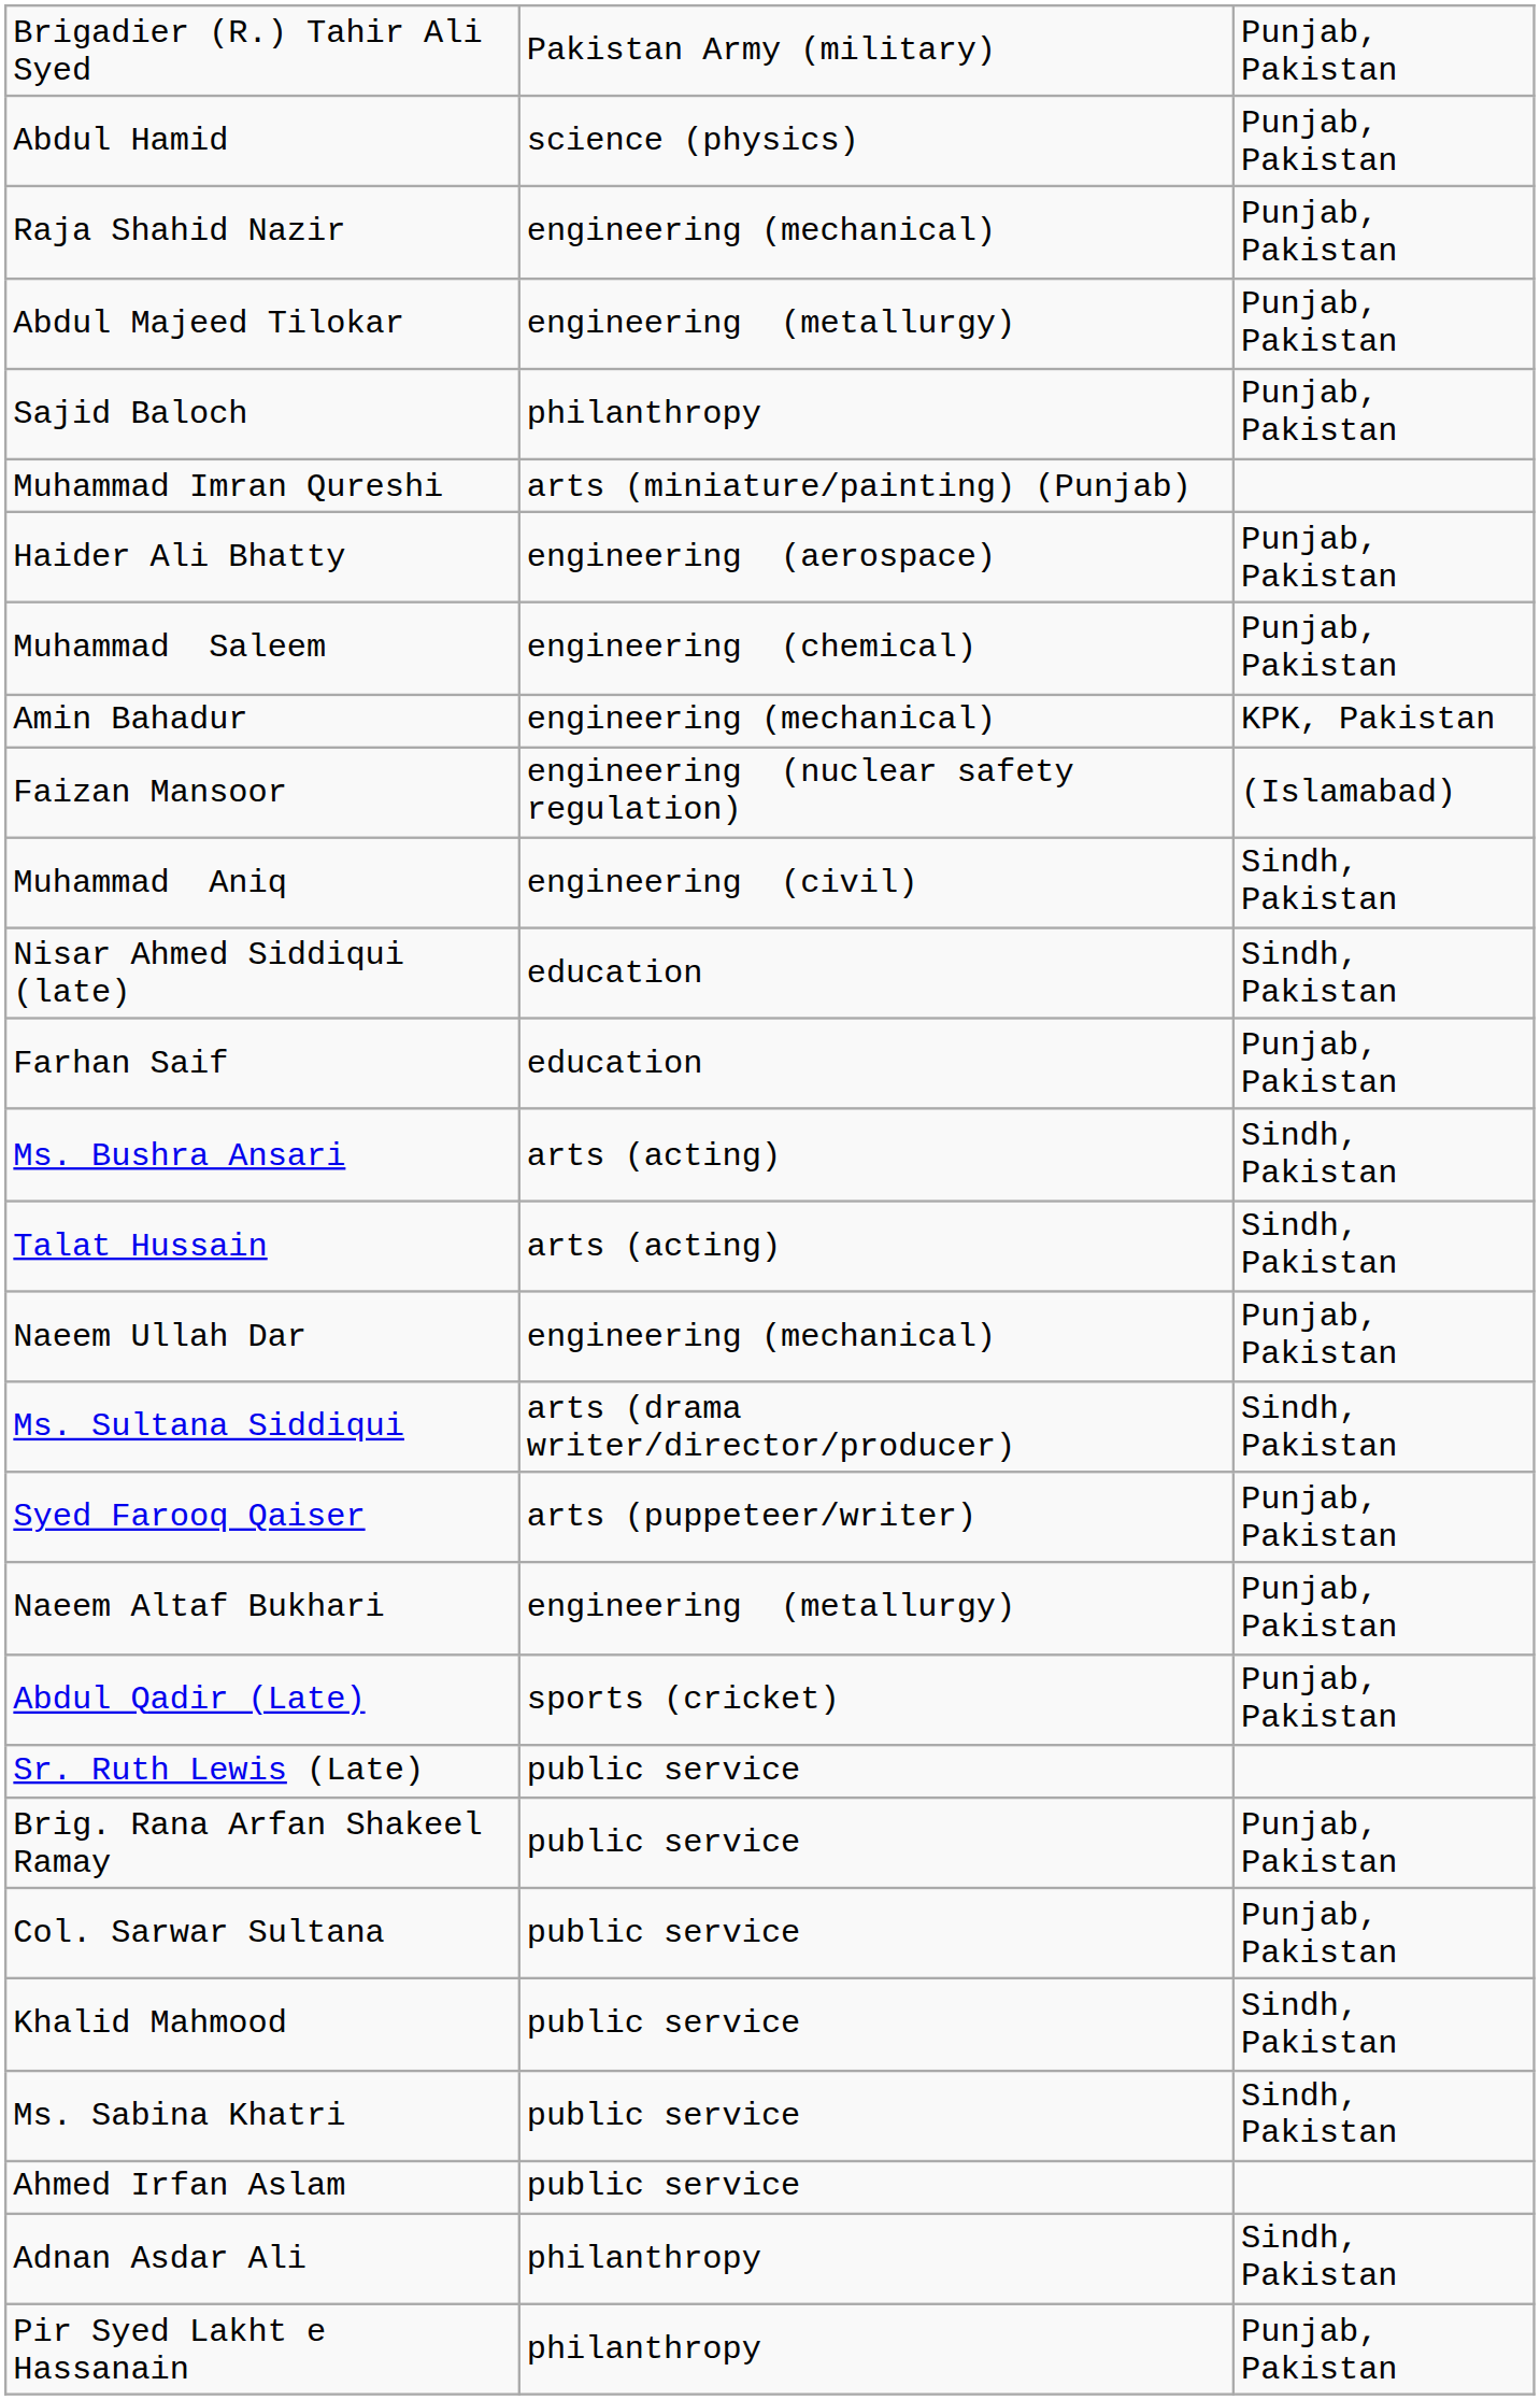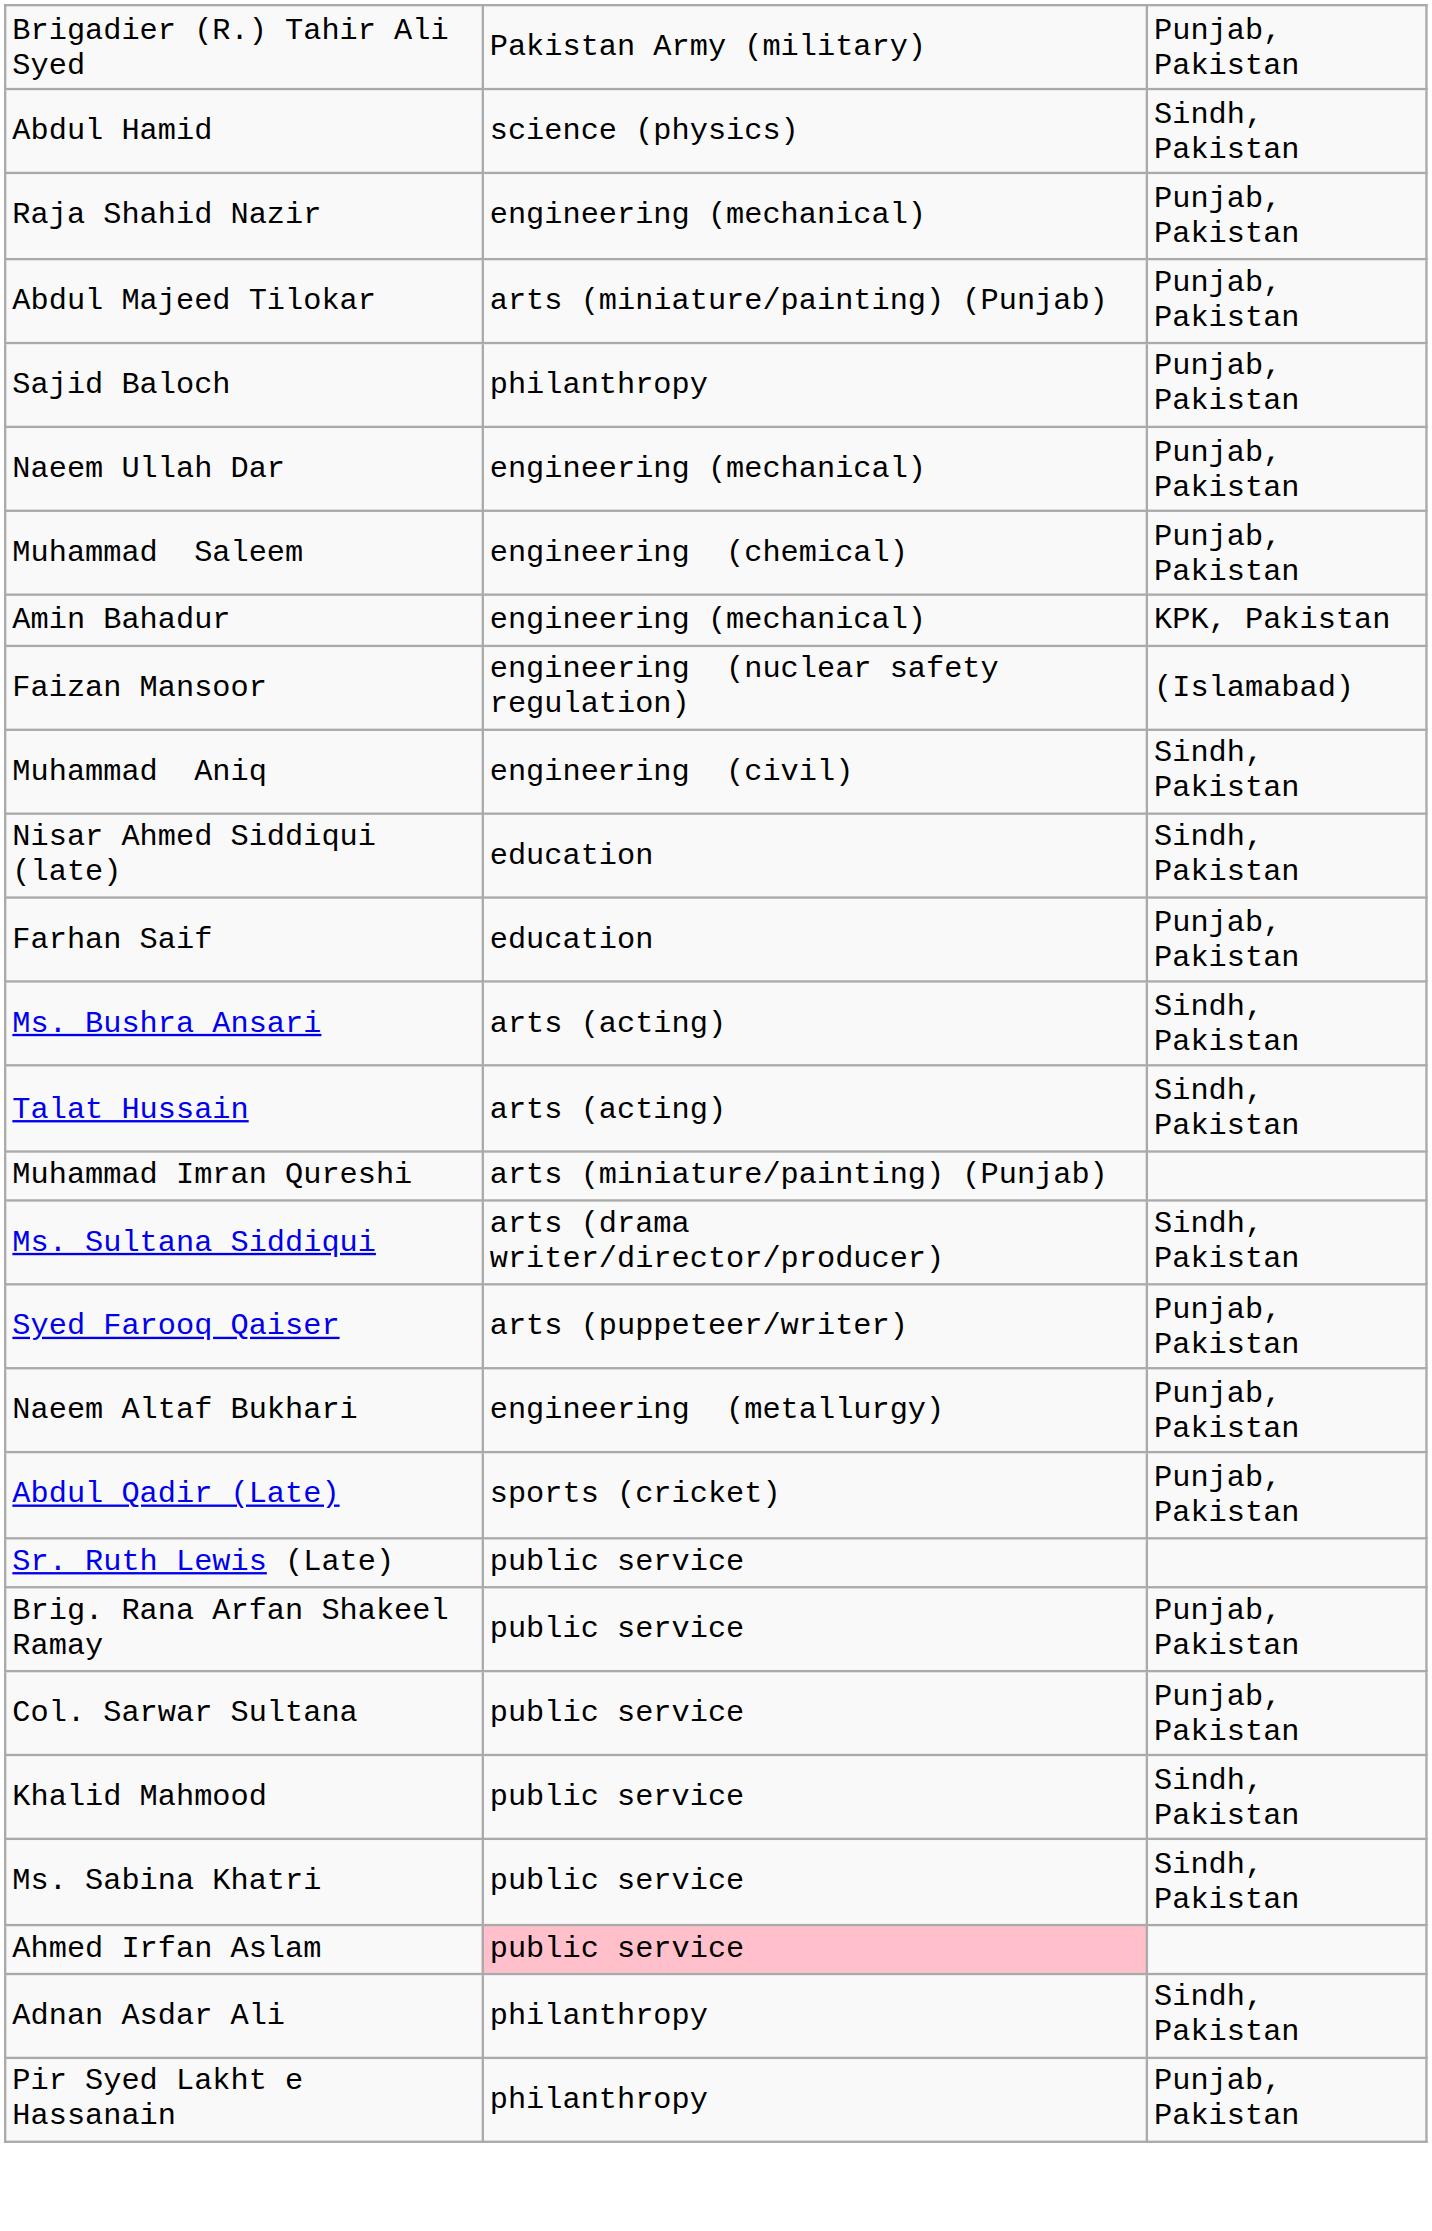 <table class="wikitable">
 <tr>
 <td>Brigadier (R.) Tahir Ali Syed</td>
 <td>Pakistan Army (military)</td>
 <td>Punjab, Pakistan</td>
 </tr>
 <tr>
 <td>Abdul Hamid</td>
 <td>science (physics)</td>
-<td>Punjab, Pakistan</td>
+<td>Sindh, Pakistan</td>
 </tr>
 <tr>
 <td>Raja Shahid Nazir</td>
 <td>engineering (mechanical)</td>
 <td>Punjab, Pakistan</td>
 </tr>
 <tr>
 <td>Abdul Majeed Tilokar</td>
-<td>engineering  (metallurgy)</td>
+<td>arts (miniature/painting) (Punjab)</td>
 <td>Punjab, Pakistan</td>
 </tr>
 <tr>
 <td>Sajid Baloch</td>
 <td>philanthropy</td>
 <td>Punjab, Pakistan</td>
 </tr>
 <tr>
-<td>Muhammad Imran Qureshi</td>
-<td>arts (miniature/painting) (Punjab)</td>
-<td></td>
-</tr>
-<tr>
-<td>Haider Ali Bhatty</td>
-<td>engineering  (aerospace)</td>
+<td>Naeem Ullah Dar</td>
+<td>engineering (mechanical)</td>
 <td>Punjab, Pakistan</td>
 </tr>
 <tr>
 <td>Muhammad  Saleem</td>
 <td>engineering  (chemical)</td>
 <td>Punjab, Pakistan</td>
 </tr>
 <tr>
 <td>Amin Bahadur</td>
 <td>engineering (mechanical)</td>
 <td>KPK, Pakistan</td>
 </tr>
 <tr>
 <td>Faizan Mansoor</td>
 <td>engineering  (nuclear safety regulation)</td>
 <td>(Islamabad)</td>
 </tr>
 <tr>
 <td>Muhammad  Aniq</td>
 <td>engineering  (civil)</td>
 <td>Sindh, Pakistan</td>
 </tr>
 <tr>
 <td>Nisar Ahmed Siddiqui (late)</td>
 <td>education</td>
 <td>Sindh, Pakistan</td>
 </tr>
 <tr>
 <td>Farhan Saif</td>
 <td>education</td>
 <td>Punjab, Pakistan</td>
 </tr>
 <tr>
 <td><a href='#'>Ms. Bushra Ansari</a></td>
 <td>arts (acting)</td>
 <td>Sindh, Pakistan</td>
 </tr>
 <tr>
 <td><a href='#'>Talat Hussain</a></td>
 <td>arts (acting)</td>
 <td>Sindh, Pakistan</td>
 </tr>
 <tr>
-<td>Naeem Ullah Dar</td>
-<td>engineering (mechanical)</td>
-<td>Punjab, Pakistan</td>
+<td>Muhammad Imran Qureshi</td>
+<td>arts (miniature/painting) (Punjab)</td>
+<td></td>
 </tr>
 <tr>
 <td><a href='#'>Ms. Sultana Siddiqui</a></td>
 <td>arts (drama writer/director/producer)</td>
 <td>Sindh, Pakistan</td>
 </tr>
 <tr>
 <td><a href='#'>Syed Farooq Qaiser</a></td>
 <td>arts (puppeteer/writer)</td>
 <td>Punjab, Pakistan</td>
 </tr>
 <tr>
 <td>Naeem Altaf Bukhari</td>
 <td>engineering  (metallurgy)</td>
 <td>Punjab, Pakistan</td>
 </tr>
 <tr>
 <td><a href='#'>Abdul Qadir (Late)</a></td>
 <td>sports (cricket)</td>
 <td>Punjab, Pakistan</td>
 </tr>
 <tr>
 <td><a href='#'>Sr. Ruth Lewis</a> (Late)</td>
 <td>public service</td>
 <td></td>
 </tr>
 <tr>
 <td>Brig. Rana Arfan Shakeel Ramay</td>
 <td>public service</td>
 <td>Punjab, Pakistan</td>
 </tr>
 <tr>
 <td>Col. Sarwar Sultana</td>
 <td>public service</td>
 <td>Punjab, Pakistan</td>
 </tr>
 <tr>
 <td>Khalid Mahmood</td>
 <td>public service</td>
 <td>Sindh, Pakistan</td>
 </tr>
 <tr>
 <td>Ms. Sabina Khatri</td>
 <td>public service</td>
 <td>Sindh, Pakistan</td>
 </tr>
 <tr>
 <td>Ahmed Irfan Aslam</td>
-<td>public service</td>
+<td style="background: pink;">public service</td>
 <td></td>
 </tr>
 <tr>
 <td>Adnan Asdar Ali </td>
 <td>philanthropy</td>
 <td>Sindh, Pakistan</td>
 </tr>
 <tr>
 <td>Pir Syed Lakht e Hassanain</td>
 <td>philanthropy</td>
 <td>Punjab, Pakistan</td>
 </tr>
 </table>
